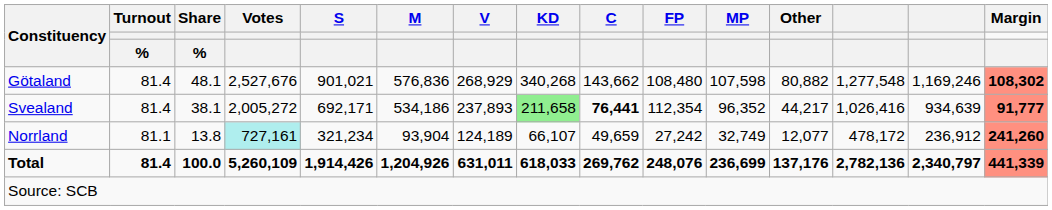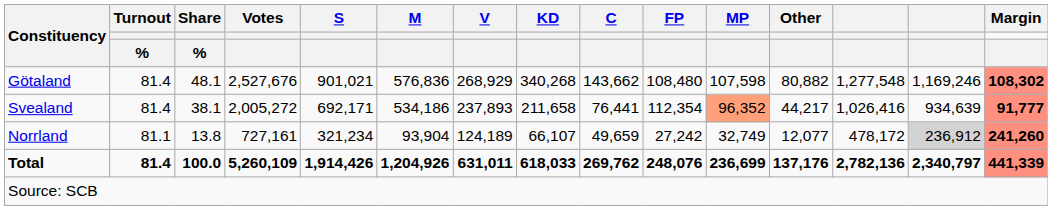 <table class="wikitable sortable" style="text-align:right; font-size:95%; line-height:20px;">
 <tr>
 <th rowspan="3">Constituency</th>
 <th>Turnout</th>
 <th>Share</th>
 <th>Votes</th>
 <th width="30px" class="unsortable"><a href='#'>S</a></th>
 <th width="30px" class="unsortable"><a href='#'>M</a></th>
 <th width="30px" class="unsortable"><a href='#'>V</a></th>
 <th width="30px" class="unsortable"><a href='#'>KD</a></th>
 <th width="30px" class="unsortable"><a href='#'>C</a></th>
 <th width="30px" class="unsortable"><a href='#'>FP</a></th>
 <th width="30px" class="unsortable"><a href='#'>MP</a></th>
 <th width="30px" class="unsortable">Other</th>
 <th></th>
 <th></th>
 <th>Margin</th>
 </tr>
 <tr>
 <th></th>
 <th></th>
 <th></th>
 <th style="background:"></th>
 <th style="background:"></th>
 <th style="background:"></th>
 <th style="background:"></th>
 <th style="background:"></th>
 <th style="background:"></th>
 <th style="background:"></th>
 <th style="background:"></th>
 <th style="background:"></th>
 <th style="background:"></th>
 </tr>
 <tr>
 <th data-sort-type="number">%</th>
 <th data-sort-type="number">%</th>
 <th></th>
 <th data-sort-type="number"></th>
 <th data-sort-type="number"></th>
 <th data-sort-type="number"></th>
 <th data-sort-type="number"></th>
 <th data-sort-type="number"></th>
 <th data-sort-type="number"></th>
 <th data-sort-type="number"></th>
 <th data-sort-type="number"></th>
 <th data-sort-type="number"></th>
 <th data-sort-type="number"></th>
 <th data-sort-type="number"></th>
 </tr>
 <tr>
 <td align=left><a href='#'>Götaland</a></td>
 <td>81.4</td>
 <td>48.1</td>
 <td>2,527,676</td>
 <td>901,021</td>
 <td>576,836</td>
 <td>268,929</td>
 <td>340,268</td>
 <td>143,662</td>
 <td>108,480</td>
 <td>107,598</td>
 <td>80,882</td>
 <td>1,277,548</td>
 <td>1,169,246</td>
 <td bgcolor=#ff908><strong>108,302</strong></td>
 </tr>
 <tr>
 <td align=left><a href='#'>Svealand</a></td>
 <td>81.4</td>
 <td>38.1</td>
 <td>2,005,272</td>
 <td>692,171</td>
 <td>534,186</td>
 <td>237,893</td>
-<td style="background: lightgreen;">211,658</td>
-<td><strong>76,441</strong></td>
+<td>211,658</td>
+<td>76,441</td>
 <td>112,354</td>
-<td>96,352</td>
+<td style="background: lightsalmon;">96,352</td>
 <td>44,217</td>
 <td>1,026,416</td>
 <td>934,639</td>
 <td bgcolor=#ff908><strong>91,777</strong></td>
 </tr>
 <tr>
 <td align=left><a href='#'>Norrland</a></td>
 <td>81.1</td>
 <td>13.8</td>
-<td style="background: paleturquoise;">727,161</td>
+<td>727,161</td>
 <td>321,234</td>
 <td>93,904</td>
 <td>124,189</td>
 <td>66,107</td>
 <td>49,659</td>
 <td>27,242</td>
 <td>32,749</td>
 <td>12,077</td>
 <td>478,172</td>
-<td>236,912</td>
+<td style="background: lightgrey;">236,912</td>
 <td bgcolor=#ff908><strong>241,260</strong></td>
 </tr>
 <tr>
 <td align=left><strong>Total</strong></td>
 <td><strong>81.4</strong></td>
 <td><strong>100.0</strong></td>
 <td><strong>5,260,109</strong></td>
 <td><strong>1,914,426</strong></td>
 <td><strong>1,204,926</strong></td>
 <td><strong>631,011</strong></td>
 <td><strong>618,033</strong></td>
 <td><strong>269,762</strong></td>
 <td><strong>248,076</strong></td>
 <td><strong>236,699</strong></td>
 <td><strong>137,176</strong></td>
 <td><strong>2,782,136</strong></td>
 <td><strong>2,340,797</strong></td>
 <td bgcolor=#ff908><strong>441,339</strong></td>
 </tr>
 <tr>
 <td align=left colspan=15>Source: SCB </td>
 </tr>
 </table>
